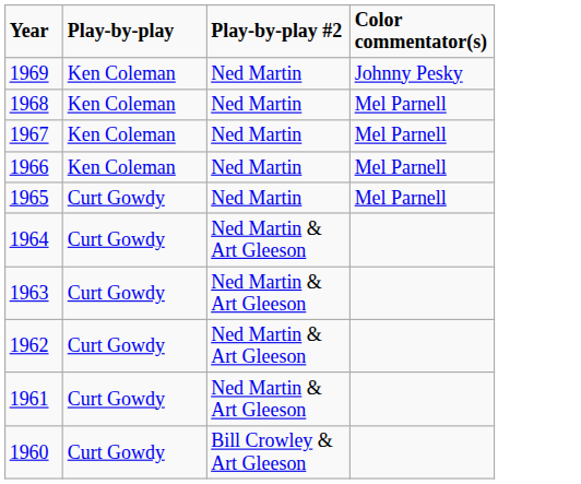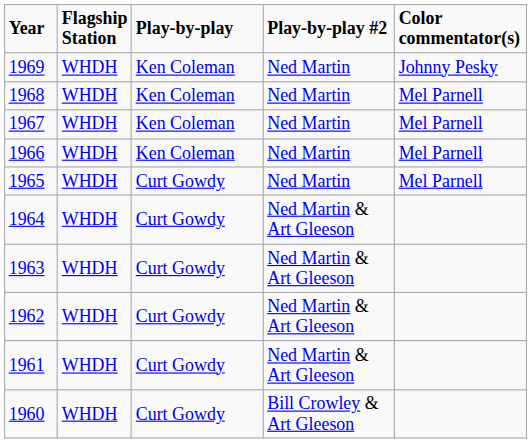 <table class="wikitable">
 <tr>
 <td width="40"><strong>Year</strong></td>
+<td width="40"><strong>Flagship Station</strong></td>
 <td width="110"><strong>Play-by-play</strong></td>
 <td width="110"><strong>Play-by-play #2</strong></td>
 <td width="110"><strong>Color commentator(s)</strong></td>
 </tr>
 <tr>
 <td><a href='#'>1969</a></td>
+<td><a href='#'>WHDH</a></td>
 <td><a href='#'>Ken Coleman</a></td>
 <td><a href='#'>Ned Martin</a></td>
 <td><a href='#'>Johnny Pesky</a></td>
 </tr>
 <tr>
 <td><a href='#'>1968</a></td>
+<td><a href='#'>WHDH</a></td>
 <td><a href='#'>Ken Coleman</a></td>
 <td><a href='#'>Ned Martin</a></td>
 <td><a href='#'>Mel Parnell</a></td>
 </tr>
 <tr>
 <td><a href='#'>1967</a></td>
+<td><a href='#'>WHDH</a></td>
 <td><a href='#'>Ken Coleman</a></td>
 <td><a href='#'>Ned Martin</a></td>
 <td><a href='#'>Mel Parnell</a></td>
 </tr>
 <tr>
 <td><a href='#'>1966</a></td>
+<td><a href='#'>WHDH</a></td>
 <td><a href='#'>Ken Coleman</a></td>
 <td><a href='#'>Ned Martin</a></td>
 <td><a href='#'>Mel Parnell</a></td>
 </tr>
 <tr>
 <td><a href='#'>1965</a></td>
+<td><a href='#'>WHDH</a></td>
 <td><a href='#'>Curt Gowdy</a></td>
 <td><a href='#'>Ned Martin</a></td>
 <td><a href='#'>Mel Parnell</a></td>
 </tr>
 <tr>
 <td><a href='#'>1964</a></td>
+<td><a href='#'>WHDH</a></td>
 <td><a href='#'>Curt Gowdy</a></td>
 <td><a href='#'>Ned Martin</a> & <a href='#'>Art Gleeson</a></td>
 <td></td>
 </tr>
 <tr>
 <td><a href='#'>1963</a></td>
+<td><a href='#'>WHDH</a></td>
 <td><a href='#'>Curt Gowdy</a></td>
 <td><a href='#'>Ned Martin</a> & <a href='#'>Art Gleeson</a></td>
 <td></td>
 </tr>
 <tr>
 <td><a href='#'>1962</a></td>
+<td><a href='#'>WHDH</a></td>
 <td><a href='#'>Curt Gowdy</a></td>
 <td><a href='#'>Ned Martin</a> & <a href='#'>Art Gleeson</a></td>
 <td></td>
 </tr>
 <tr>
 <td><a href='#'>1961</a></td>
+<td><a href='#'>WHDH</a></td>
 <td><a href='#'>Curt Gowdy</a></td>
 <td><a href='#'>Ned Martin</a> & <a href='#'>Art Gleeson</a></td>
 <td></td>
 </tr>
 <tr>
 <td><a href='#'>1960</a></td>
+<td><a href='#'>WHDH</a></td>
 <td><a href='#'>Curt Gowdy</a></td>
 <td><a href='#'>Bill Crowley</a> & <a href='#'>Art Gleeson</a></td>
 <td></td>
 </tr>
 </table>
